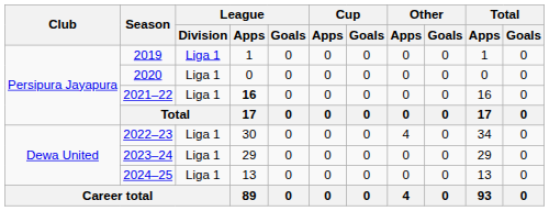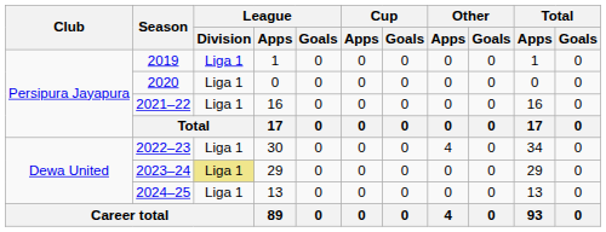 <table class="wikitable" style="text-align: center">
 <tr>
 <th rowspan="2">Club</th>
 <th rowspan="2">Season</th>
 <th colspan="3">League</th>
 <th colspan="2">Cup</th>
 <th colspan="2">Other</th>
 <th colspan="2">Total</th>
 </tr>
 <tr>
 <th>Division</th>
 <th>Apps</th>
 <th>Goals</th>
 <th>Apps</th>
 <th>Goals</th>
 <th>Apps</th>
 <th>Goals</th>
 <th>Apps</th>
 <th>Goals</th>
 </tr>
 <tr>
 <td rowspan="4"><a href='#'>Persipura Jayapura</a></td>
 <td><a href='#'>2019</a></td>
 <td rowspan="1" valign="center"><a href='#'>Liga 1</a></td>
 <td>1</td>
 <td>0</td>
 <td>0</td>
 <td>0</td>
 <td>0</td>
 <td>0</td>
 <td>1</td>
 <td>0</td>
 </tr>
 <tr>
 <td><a href='#'>2020</a></td>
 <td rowspan="1">Liga 1</td>
 <td>0</td>
 <td>0</td>
 <td>0</td>
 <td>0</td>
 <td>0</td>
 <td>0</td>
 <td>0</td>
 <td>0</td>
 </tr>
 <tr>
 <td><a href='#'>2021–22</a></td>
 <td rowspan="1">Liga 1</td>
-<td><strong>16</strong></td>
+<td>16</td>
 <td>0</td>
 <td>0</td>
 <td>0</td>
 <td>0</td>
 <td>0</td>
 <td>16</td>
 <td>0</td>
 </tr>
 <tr>
 <th colspan=2>Total</th>
 <th>17</th>
 <th>0</th>
 <th>0</th>
 <th>0</th>
 <th>0</th>
 <th>0</th>
 <th>17</th>
 <th>0</th>
 </tr>
 <tr>
 <td rowspan="3"><a href='#'>Dewa United</a></td>
 <td><a href='#'>2022–23</a></td>
 <td rowspan="1" valign="center">Liga 1</td>
 <td>30</td>
 <td>0</td>
 <td>0</td>
 <td>0</td>
 <td>4</td>
 <td>0</td>
 <td>34</td>
 <td>0</td>
 </tr>
 <tr>
 <td><a href='#'>2023–24</a></td>
-<td rowspan="1">Liga 1</td>
+<td rowspan="1" style="background: khaki;">Liga 1</td>
 <td>29</td>
 <td>0</td>
 <td>0</td>
 <td>0</td>
 <td>0</td>
 <td>0</td>
 <td>29</td>
 <td>0</td>
 </tr>
 <tr>
 <td><a href='#'>2024–25</a></td>
 <td>Liga 1</td>
 <td>13</td>
 <td>0</td>
 <td>0</td>
 <td>0</td>
 <td>0</td>
 <td>0</td>
 <td>13</td>
 <td>0</td>
 </tr>
 <tr>
 <th colspan=3>Career total</th>
 <th>89</th>
 <th>0</th>
 <th>0</th>
 <th>0</th>
 <th>4</th>
 <th>0</th>
 <th>93</th>
 <th>0</th>
 </tr>
 </table>
